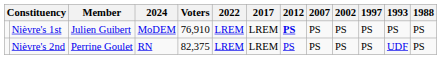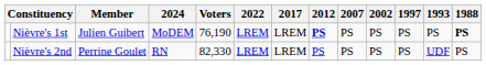 <table class="wikitable sortable">
 <tr>
 <th colspan="2">Constituency</th>
 <th>Member</th>
 <th>2024</th>
 <th>Voters</th>
 <th>2022</th>
 <th>2017</th>
 <th>2012</th>
 <th>2007</th>
 <th>2002</th>
 <th>1997</th>
 <th>1993</th>
 <th>1988</th>
 </tr>
 <tr>
 <td style="background-color: "></td>
 <td><a href='#'>Nièvre's 1st</a></td>
 <td><a href='#'>Julien Guibert</a></td>
 <td><a href='#'>MoDEM</a></td>
-<td>76,910</td>
+<td>76,190</td>
 <td><a href='#'>LREM</a></td>
 <td>LREM</td>
 <td><strong><a href='#'>PS</a></strong></td>
 <td>PS</td>
 <td>PS</td>
 <td>PS</td>
 <td>PS</td>
-<td>PS</td>
+<td><strong>PS</strong></td>
 </tr>
 <tr>
 <td style="background-color: "></td>
 <td><a href='#'>Nièvre's 2nd</a></td>
 <td><a href='#'>Perrine Goulet</a></td>
 <td><a href='#'>RN</a></td>
-<td>82,375</td>
+<td>82,330</td>
 <td><a href='#'>LREM</a></td>
 <td>LREM</td>
 <td><a href='#'>PS</a></td>
 <td>PS</td>
 <td>PS</td>
 <td>PS</td>
 <td><a href='#'>UDF</a></td>
 <td>PS</td>
 </tr>
 </table>
